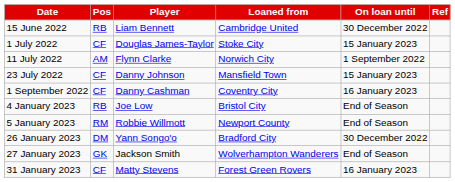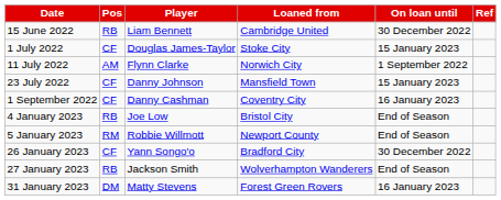 <table class="wikitable plainrowheaders sortable">
 <tr>
 <th style="background:#E00000; color:#FFFFFF; ">Date</th>
 <th style="background:#E00000; color:#FFFFFF; ">Pos</th>
 <th style="background:#E00000; color:#FFFFFF; ">Player</th>
 <th style="background:#E00000; color:#FFFFFF; ">Loaned from</th>
 <th style="background:#E00000; color:#FFFFFF; ">On loan until</th>
 <th style="background:#E00000; color:#FFFFFF; ">Ref</th>
 </tr>
 <tr>
 <td>15 June 2022</td>
 <td><a href='#'>RB</a></td>
 <td> <a href='#'>Liam Bennett</a></td>
 <td> <a href='#'>Cambridge United</a></td>
 <td>30 December 2022</td>
 <td></td>
 </tr>
 <tr>
 <td>1 July 2022</td>
 <td><a href='#'>CF</a></td>
 <td> <a href='#'>Douglas James-Taylor</a></td>
 <td> <a href='#'>Stoke City</a></td>
 <td>15 January 2023</td>
 <td></td>
 </tr>
 <tr>
 <td>11 July 2022</td>
 <td><a href='#'>AM</a></td>
 <td> <a href='#'>Flynn Clarke</a></td>
 <td> <a href='#'>Norwich City</a></td>
 <td>1 September 2022</td>
 <td></td>
 </tr>
 <tr>
 <td>23 July 2022</td>
 <td><a href='#'>CF</a></td>
 <td> <a href='#'>Danny Johnson</a></td>
 <td> <a href='#'>Mansfield Town</a></td>
 <td>15 January 2023</td>
 <td></td>
 </tr>
 <tr>
 <td>1 September 2022</td>
 <td><a href='#'>CF</a></td>
 <td> <a href='#'>Danny Cashman</a></td>
 <td> <a href='#'>Coventry City</a></td>
 <td>16 January 2023</td>
 <td></td>
 </tr>
 <tr>
 <td>4 January 2023</td>
 <td><a href='#'>RB</a></td>
 <td> <a href='#'>Joe Low</a></td>
 <td> <a href='#'>Bristol City</a></td>
 <td>End of Season</td>
 <td></td>
 </tr>
 <tr>
 <td>5 January 2023</td>
 <td><a href='#'>RM</a></td>
 <td> <a href='#'>Robbie Willmott</a></td>
 <td> <a href='#'>Newport County</a></td>
 <td>End of Season</td>
 <td></td>
 </tr>
 <tr>
 <td>26 January 2023</td>
-<td><a href='#'>DM</a></td>
+<td><a href='#'>CF</a></td>
 <td> <a href='#'>Yann Songo'o</a></td>
 <td> <a href='#'>Bradford City</a></td>
 <td>30 December 2022</td>
 <td></td>
 </tr>
 <tr>
 <td>27 January 2023</td>
-<td><a href='#'>GK</a></td>
+<td><a href='#'>RB</a></td>
 <td> Jackson Smith</td>
 <td> <a href='#'>Wolverhampton Wanderers</a></td>
 <td>End of Season</td>
 <td></td>
 </tr>
 <tr>
 <td>31 January 2023</td>
-<td><a href='#'>CF</a></td>
+<td><a href='#'>DM</a></td>
 <td> <a href='#'>Matty Stevens</a></td>
 <td> <a href='#'>Forest Green Rovers</a></td>
 <td>16 January 2023</td>
 <td></td>
 </tr>
 </table>
